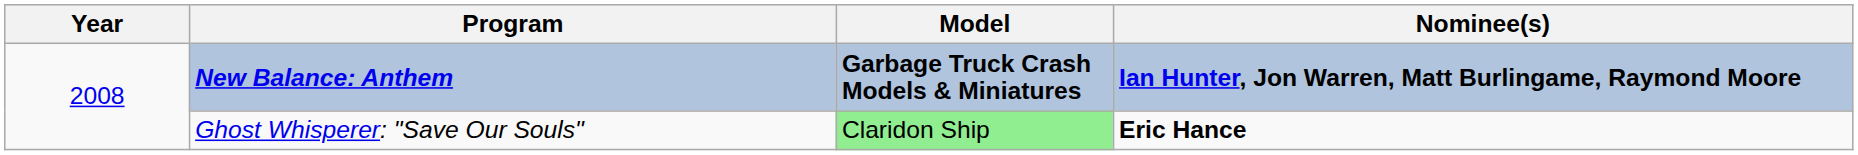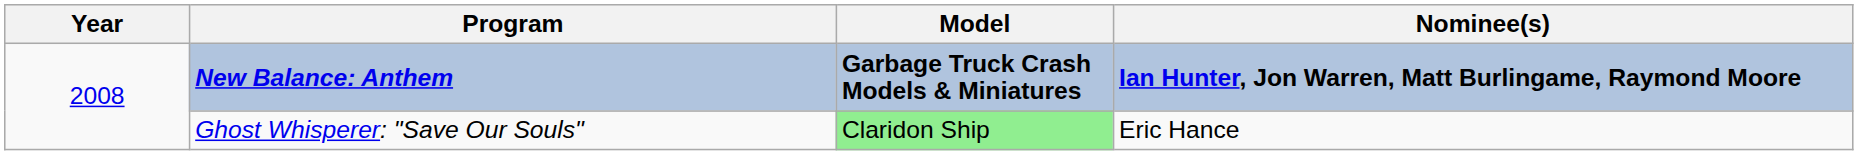 <table class="wikitable" width="95%" cellpadding="5">
 <tr>
 <th width="10%">Year</th>
 <th width="35%">Program</th>
 <th width="15%">Model</th>
 <th width="45%">Nominee(s)</th>
 </tr>
 <tr>
 <td rowspan="2" style="text-align:center;"><a href='#'>2008</a><br></td>
 <td style="background:#B0C4DE;"><strong><em><a href='#'>New Balance: Anthem</a></em></strong></td>
 <td style="background:#B0C4DE;"><strong>Garbage Truck Crash Models & Miniatures</strong></td>
 <td style="background:#B0C4DE;"><strong><a href='#'>Ian Hunter</a>, Jon Warren, Matt Burlingame, Raymond Moore</strong></td>
 </tr>
 <tr>
 <td><em><a href='#'>Ghost Whisperer</a>: "Save Our Souls"</em></td>
 <td style="background: lightgreen;">Claridon Ship</td>
-<td><strong>Eric Hance</strong></td>
+<td>Eric Hance</td>
 </tr>
 </table>
